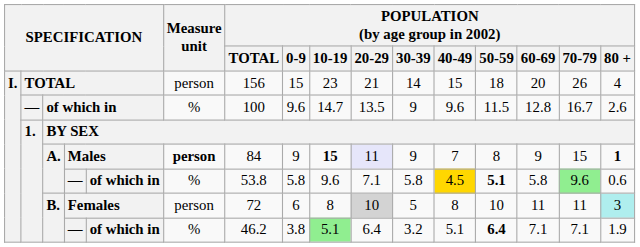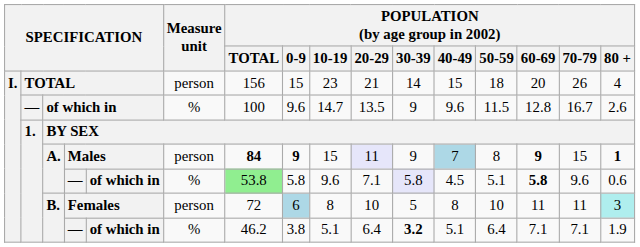 <table class="wikitable" style="font-size:85%; text-align:center">
 <tr>
 <th rowspan="2" colspan="5">SPECIFICATION</th>
 <th rowspan="2">Measure<br> unit</th>
 <th colspan="10" rowspan="1">POPULATION<br> (by age group in 2002)</th>
 </tr>
 <tr>
 <th>TOTAL</th>
 <th>0-9</th>
 <th>10-19</th>
 <th>20-29</th>
 <th>30-39</th>
 <th>40-49</th>
 <th>50-59</th>
 <th>60-69</th>
 <th>70-79</th>
 <th>80 +</th>
 </tr>
 <tr>
 <th style="text-align:left" valign="top" rowspan="7">I.</th>
 <th style="text-align:left" colspan="4">TOTAL</th>
 <td>person</td>
 <td>156</td>
 <td>15</td>
 <td>23</td>
 <td>21</td>
 <td>14</td>
 <td>15</td>
 <td>18</td>
 <td>20</td>
 <td>26</td>
 <td>4</td>
 </tr>
 <tr>
 <th style="text-align:left" valign="top">—</th>
 <th style="text-align:left" colspan="3">of which in</th>
 <td>%</td>
 <td>100</td>
 <td>9.6</td>
 <td>14.7</td>
 <td>13.5</td>
 <td>9</td>
 <td>9.6</td>
 <td>11.5</td>
 <td>12.8</td>
 <td>16.7</td>
 <td>2.6</td>
 </tr>
 <tr>
 <th style="text-align:left" valign="top" rowspan="5">1.</th>
 <th style="text-align:left" colspan="14">BY SEX</th>
 </tr>
 <tr>
 <th style="text-align:left" valign="top" rowspan="2">A.</th>
 <th style="text-align:left" colspan="2">Males</th>
-<td><strong>person</strong></td>
-<td>84</td>
-<td>9</td>
-<td><strong>15</strong></td>
+<td>person</td>
+<td><strong>84</strong></td>
+<td><strong>9</strong></td>
+<td>15</td>
 <td style="background: lavender;">11</td>
 <td>9</td>
-<td>7</td>
+<td style="background: lightblue;">7</td>
 <td>8</td>
-<td>9</td>
+<td><strong>9</strong></td>
 <td>15</td>
 <td><strong>1</strong></td>
 </tr>
 <tr>
 <th style="text-align:left" valign="top">—</th>
 <th style="text-align:left" colspan="1">of which in</th>
 <td>%</td>
-<td>53.8</td>
+<td style="background: lightgreen;">53.8</td>
 <td>5.8</td>
 <td>9.6</td>
 <td>7.1</td>
-<td>5.8</td>
-<td style="background: gold;">4.5</td>
-<td><strong>5.1</strong></td>
-<td>5.8</td>
-<td style="background: lightgreen;">9.6</td>
+<td style="background: lavender;">5.8</td>
+<td>4.5</td>
+<td>5.1</td>
+<td><strong>5.8</strong></td>
+<td>9.6</td>
 <td>0.6</td>
 </tr>
 <tr>
 <th style="text-align:left" valign="top" rowspan="2">B.</th>
 <th style="text-align:left" colspan="2">Females</th>
 <td>person</td>
 <td>72</td>
-<td>6</td>
+<td style="background: lightblue;">6</td>
 <td>8</td>
-<td style="background: lightgrey;">10</td>
+<td>10</td>
 <td>5</td>
 <td>8</td>
 <td>10</td>
 <td>11</td>
 <td>11</td>
 <td style="background: paleturquoise;">3</td>
 </tr>
 <tr>
 <th style="text-align:left" valign="top">—</th>
 <th style="text-align:left" colspan="1">of which in</th>
 <td>%</td>
 <td>46.2</td>
 <td>3.8</td>
-<td style="background: lightgreen;">5.1</td>
+<td>5.1</td>
 <td>6.4</td>
-<td>3.2</td>
+<td><strong>3.2</strong></td>
 <td>5.1</td>
-<td><strong>6.4</strong></td>
+<td>6.4</td>
 <td>7.1</td>
 <td>7.1</td>
 <td>1.9</td>
 </tr>
 </table>
